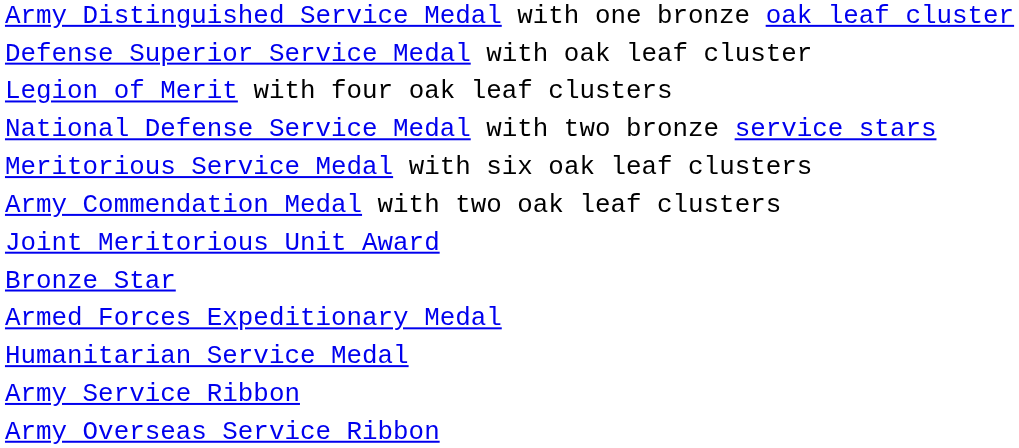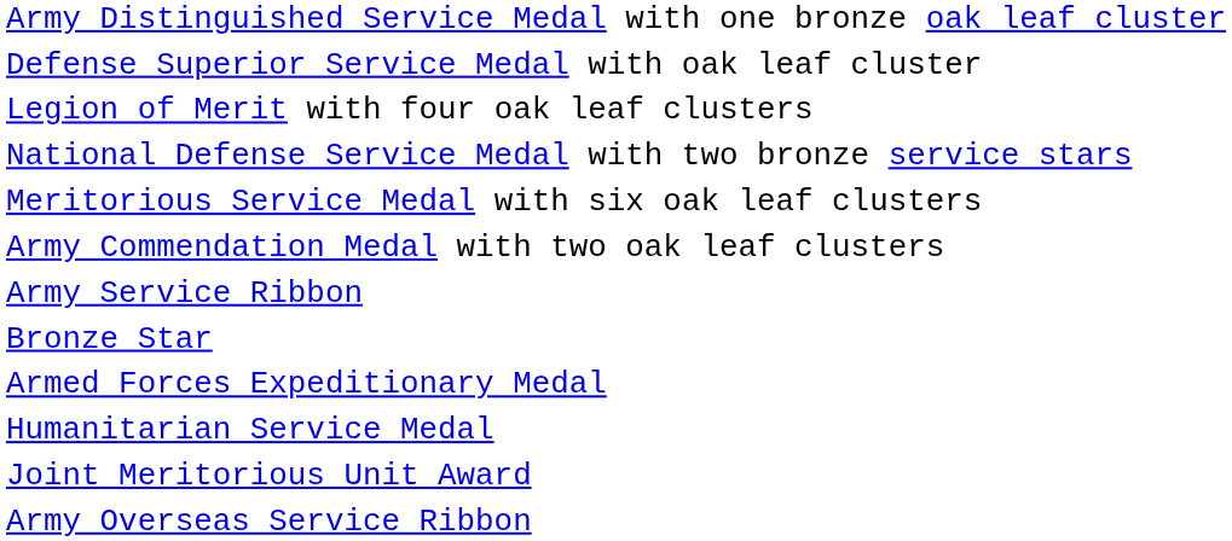 <table>
 <tr>
 <td> <a href='#'>Army Distinguished Service Medal</a> with one bronze <a href='#'>oak leaf cluster</a></td>
 </tr>
 <tr>
 <td> <a href='#'>Defense Superior Service Medal</a> with oak leaf cluster</td>
 </tr>
 <tr>
 <td><span></span><span></span><span></span><span></span> <a href='#'>Legion of Merit</a> with four oak leaf clusters</td>
 </tr>
 <tr>
 <td><span></span><span></span> <a href='#'>National Defense Service Medal</a> with two bronze <a href='#'>service stars</a></td>
 </tr>
 <tr>
 <td><span></span><span></span> <a href='#'>Meritorious Service Medal</a> with six oak leaf clusters</td>
 </tr>
 <tr>
 <td><span></span><span></span> <a href='#'>Army Commendation Medal</a> with two oak leaf clusters</td>
 </tr>
 <tr>
-<td> <a href='#'>Joint Meritorious Unit Award</a></td>
+<td> <a href='#'>Army Service Ribbon</a></td>
 </tr>
 <tr>
 <td> <a href='#'>Bronze Star</a></td>
 </tr>
 <tr>
 <td> <a href='#'>Armed Forces Expeditionary Medal</a></td>
 </tr>
 <tr>
 <td> <a href='#'>Humanitarian Service Medal</a></td>
 </tr>
 <tr>
-<td> <a href='#'>Army Service Ribbon</a></td>
+<td> <a href='#'>Joint Meritorious Unit Award</a></td>
 </tr>
 <tr>
 <td> <a href='#'>Army Overseas Service Ribbon</a></td>
 </tr>
 </table>
